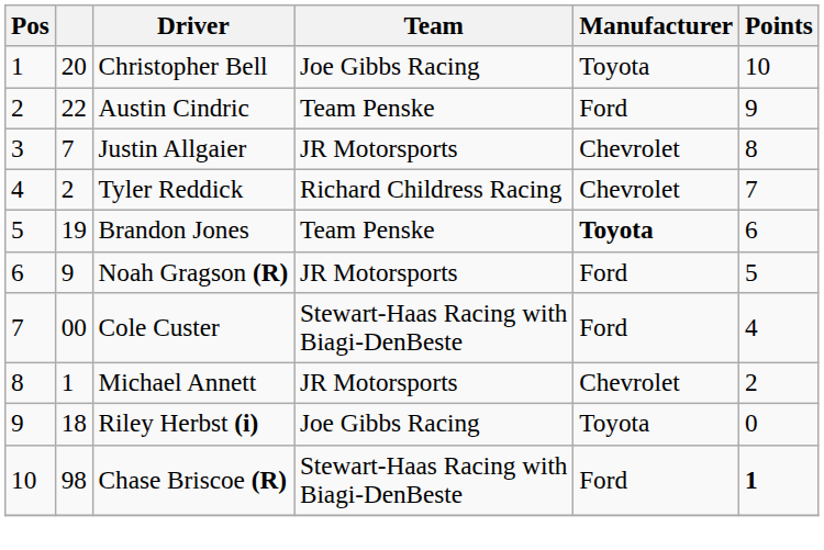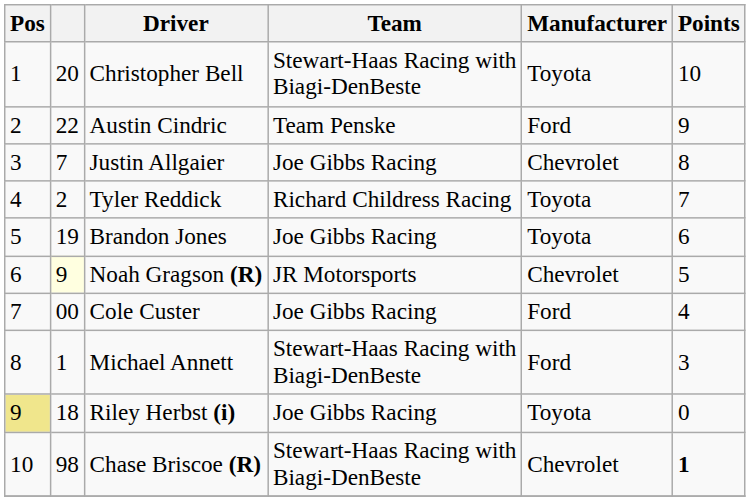 <table class="wikitable" style="font-size:98%">
 <tr>
 <th>Pos</th>
 <th></th>
 <th>Driver</th>
 <th>Team</th>
 <th>Manufacturer</th>
 <th>Points</th>
 </tr>
 <tr>
 <td>1</td>
 <td>20</td>
 <td>Christopher Bell</td>
-<td>Joe Gibbs Racing</td>
+<td>Stewart-Haas Racing with <br> Biagi-DenBeste</td>
 <td>Toyota</td>
 <td>10</td>
 </tr>
 <tr>
 <td>2</td>
 <td>22</td>
 <td>Austin Cindric</td>
 <td>Team Penske</td>
 <td>Ford</td>
 <td>9</td>
 </tr>
 <tr>
 <td>3</td>
 <td>7</td>
 <td>Justin Allgaier</td>
-<td>JR Motorsports</td>
+<td>Joe Gibbs Racing</td>
 <td>Chevrolet</td>
 <td>8</td>
 </tr>
 <tr>
 <td>4</td>
 <td>2</td>
 <td>Tyler Reddick</td>
 <td>Richard Childress Racing</td>
-<td>Chevrolet</td>
+<td>Toyota</td>
 <td>7</td>
 </tr>
 <tr>
 <td>5</td>
 <td>19</td>
 <td>Brandon Jones</td>
-<td>Team Penske</td>
-<td><strong>Toyota</strong></td>
+<td>Joe Gibbs Racing</td>
+<td>Toyota</td>
 <td>6</td>
 </tr>
 <tr>
 <td>6</td>
-<td>9</td>
+<td style="background: lightyellow;">9</td>
 <td>Noah Gragson <strong>(R)</strong></td>
 <td>JR Motorsports</td>
-<td>Ford</td>
+<td>Chevrolet</td>
 <td>5</td>
 </tr>
 <tr>
 <td>7</td>
 <td>00</td>
 <td>Cole Custer</td>
-<td>Stewart-Haas Racing with<br>Biagi-DenBeste</td>
+<td>Joe Gibbs Racing</td>
 <td>Ford</td>
 <td>4</td>
 </tr>
 <tr>
 <td>8</td>
 <td>1</td>
 <td>Michael Annett</td>
-<td>JR Motorsports</td>
-<td>Chevrolet</td>
-<td>2</td>
+<td>Stewart-Haas Racing with<br>Biagi-DenBeste</td>
+<td>Ford</td>
+<td>3</td>
 </tr>
 <tr>
-<td>9</td>
+<td style="background: khaki;">9</td>
 <td>18</td>
 <td>Riley Herbst <strong>(i)</strong></td>
 <td>Joe Gibbs Racing</td>
 <td>Toyota</td>
 <td>0</td>
 </tr>
 <tr>
 <td>10</td>
 <td>98</td>
 <td>Chase Briscoe <strong>(R)</strong></td>
 <td>Stewart-Haas Racing with <br> Biagi-DenBeste</td>
-<td>Ford</td>
+<td>Chevrolet</td>
 <td><strong>1</strong></td>
 </tr>
 <tr>
 </tr>
 </table>
